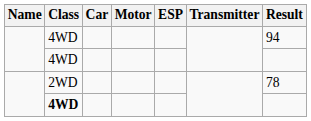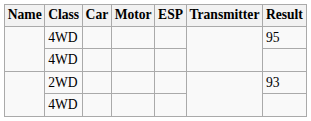 <table class="wikitable" style="font-size: 85%;">
 <tr>
 <th>Name</th>
 <th>Class</th>
 <th>Car</th>
 <th>Motor</th>
 <th>ESP</th>
 <th>Transmitter</th>
 <th>Result</th>
 </tr>
 <tr>
 <td rowspan=2></td>
 <td>4WD</td>
 <td></td>
 <td></td>
 <td></td>
 <td rowspan=2></td>
-<td>94</td>
+<td>95</td>
 </tr>
 <tr>
 <td>4WD</td>
 <td></td>
 <td></td>
 <td></td>
 <td></td>
 </tr>
 <tr>
 <td rowspan=2></td>
 <td>2WD</td>
 <td></td>
 <td></td>
 <td></td>
 <td rowspan=2></td>
-<td>78</td>
+<td>93</td>
 </tr>
 <tr>
-<td><strong>4WD</strong></td>
+<td>4WD</td>
 <td></td>
 <td></td>
 <td></td>
 <td></td>
 </tr>
 </table>
